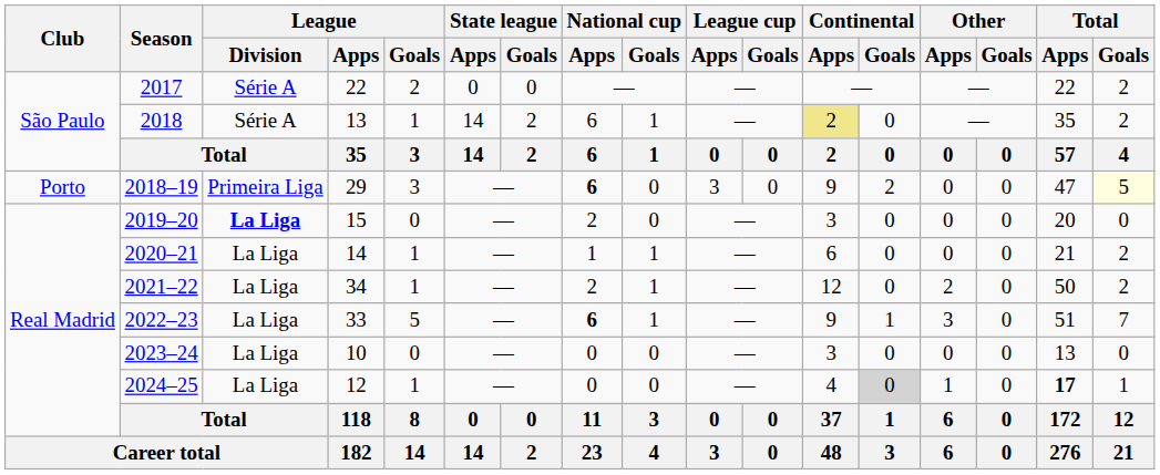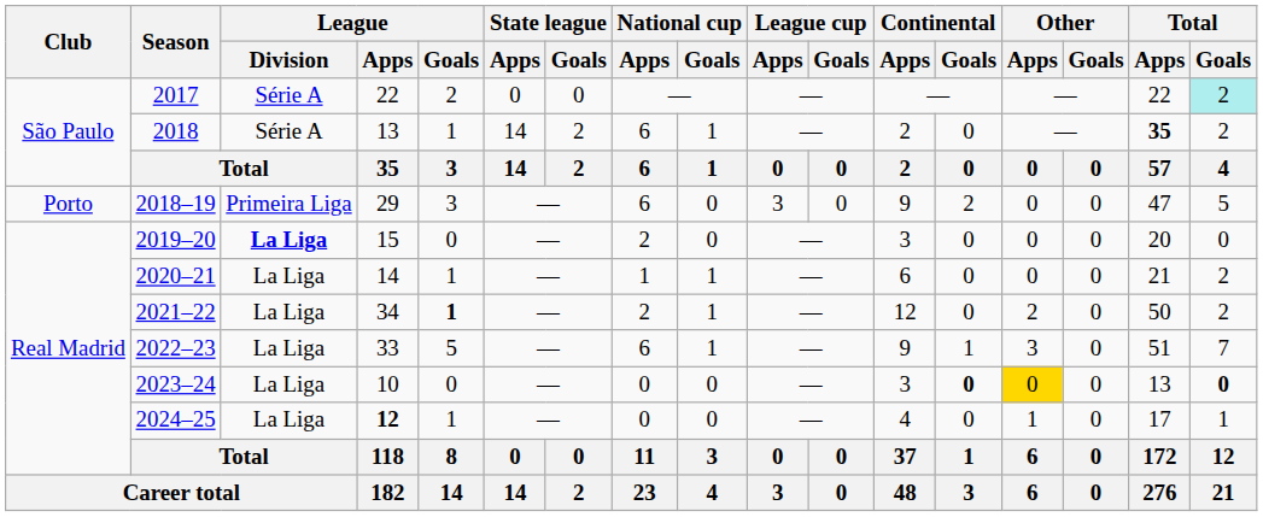 <table class="wikitable" style="text-align: center;">
 <tr>
 <th rowspan="2">Club</th>
 <th rowspan="2">Season</th>
 <th colspan="3">League</th>
 <th colspan="2">State league</th>
 <th colspan="2">National cup</th>
 <th colspan="2">League cup</th>
 <th colspan="2">Continental</th>
 <th colspan="2">Other</th>
 <th colspan="2">Total</th>
 </tr>
 <tr>
 <th>Division</th>
 <th>Apps</th>
 <th>Goals</th>
 <th>Apps</th>
 <th>Goals</th>
 <th>Apps</th>
 <th>Goals</th>
 <th>Apps</th>
 <th>Goals</th>
 <th>Apps</th>
 <th>Goals</th>
 <th>Apps</th>
 <th>Goals</th>
 <th>Apps</th>
 <th>Goals</th>
 </tr>
 <tr>
 <td rowspan="3"><a href='#'>São Paulo</a></td>
 <td><a href='#'>2017</a></td>
 <td><a href='#'>Série A</a></td>
 <td>22</td>
 <td>2</td>
 <td>0</td>
 <td>0</td>
 <td colspan="2">—</td>
 <td colspan="2">—</td>
 <td colspan="2">—</td>
 <td colspan="2">—</td>
 <td>22</td>
-<td>2</td>
+<td style="background: paleturquoise;">2</td>
 </tr>
 <tr>
 <td><a href='#'>2018</a></td>
 <td>Série A</td>
 <td>13</td>
 <td>1</td>
 <td>14</td>
 <td>2</td>
 <td>6</td>
 <td>1</td>
 <td colspan="2">—</td>
-<td style="background: khaki;">2</td>
+<td>2</td>
 <td>0</td>
 <td colspan="2">—</td>
-<td>35</td>
+<td><strong>35</strong></td>
 <td>2</td>
 </tr>
 <tr>
 <th colspan="2">Total</th>
 <th>35</th>
 <th>3</th>
 <th>14</th>
 <th>2</th>
 <th>6</th>
 <th>1</th>
 <th>0</th>
 <th>0</th>
 <th>2</th>
 <th>0</th>
 <th>0</th>
 <th>0</th>
 <th>57</th>
 <th>4</th>
 </tr>
 <tr>
 <td><a href='#'>Porto</a></td>
 <td><a href='#'>2018–19</a></td>
 <td><a href='#'>Primeira Liga</a></td>
 <td>29</td>
 <td>3</td>
 <td colspan="2">—</td>
-<td><strong>6</strong></td>
+<td>6</td>
 <td>0</td>
 <td>3</td>
 <td>0</td>
 <td>9</td>
 <td>2</td>
 <td>0</td>
 <td>0</td>
 <td>47</td>
-<td style="background: lightyellow;">5</td>
+<td>5</td>
 </tr>
 <tr>
 <td rowspan="7"><a href='#'>Real Madrid</a></td>
 <td><a href='#'>2019–20</a></td>
 <td><strong><a href='#'>La Liga</a></strong></td>
 <td>15</td>
 <td>0</td>
 <td colspan="2">—</td>
 <td>2</td>
 <td>0</td>
 <td colspan="2">—</td>
 <td>3</td>
 <td>0</td>
 <td>0</td>
 <td>0</td>
 <td>20</td>
 <td>0</td>
 </tr>
 <tr>
 <td><a href='#'>2020–21</a></td>
 <td>La Liga</td>
 <td>14</td>
 <td>1</td>
 <td colspan="2">—</td>
 <td>1</td>
 <td>1</td>
 <td colspan="2">—</td>
 <td>6</td>
 <td>0</td>
 <td>0</td>
 <td>0</td>
 <td>21</td>
 <td>2</td>
 </tr>
 <tr>
 <td><a href='#'>2021–22</a></td>
 <td>La Liga</td>
 <td>34</td>
-<td>1</td>
+<td><strong>1</strong></td>
 <td colspan="2">—</td>
 <td>2</td>
 <td>1</td>
 <td colspan="2">—</td>
 <td>12</td>
 <td>0</td>
 <td>2</td>
 <td>0</td>
 <td>50</td>
 <td>2</td>
 </tr>
 <tr>
 <td><a href='#'>2022–23</a></td>
 <td>La Liga</td>
 <td>33</td>
 <td>5</td>
 <td colspan="2">—</td>
-<td><strong>6</strong></td>
+<td>6</td>
 <td>1</td>
 <td colspan="2">—</td>
 <td>9</td>
 <td>1</td>
 <td>3</td>
 <td>0</td>
 <td>51</td>
 <td>7</td>
 </tr>
 <tr>
 <td><a href='#'>2023–24</a></td>
 <td>La Liga</td>
 <td>10</td>
 <td>0</td>
 <td colspan="2">—</td>
 <td>0</td>
 <td>0</td>
 <td colspan="2">—</td>
 <td>3</td>
-<td>0</td>
-<td>0</td>
+<td><strong>0</strong></td>
+<td style="background: gold;">0</td>
 <td>0</td>
 <td>13</td>
-<td>0</td>
+<td><strong>0</strong></td>
 </tr>
 <tr>
 <td><a href='#'>2024–25</a></td>
 <td>La Liga</td>
-<td>12</td>
+<td><strong>12</strong></td>
 <td>1</td>
 <td colspan="2">—</td>
 <td>0</td>
 <td>0</td>
 <td colspan="2">—</td>
 <td>4</td>
-<td style="background: lightgrey;">0</td>
+<td>0</td>
 <td>1</td>
 <td>0</td>
-<td><strong>17</strong></td>
+<td>17</td>
 <td>1</td>
 </tr>
 <tr>
 <th colspan="2">Total</th>
 <th>118</th>
 <th>8</th>
 <th>0</th>
 <th>0</th>
 <th>11</th>
 <th>3</th>
 <th>0</th>
 <th>0</th>
 <th>37</th>
 <th>1</th>
 <th>6</th>
 <th>0</th>
 <th>172</th>
 <th>12</th>
 </tr>
 <tr>
 <th colspan="3">Career total</th>
 <th>182</th>
 <th>14</th>
 <th>14</th>
 <th>2</th>
 <th>23</th>
 <th>4</th>
 <th>3</th>
 <th>0</th>
 <th>48</th>
 <th>3</th>
 <th>6</th>
 <th>0</th>
 <th>276</th>
 <th>21</th>
 </tr>
 </table>
